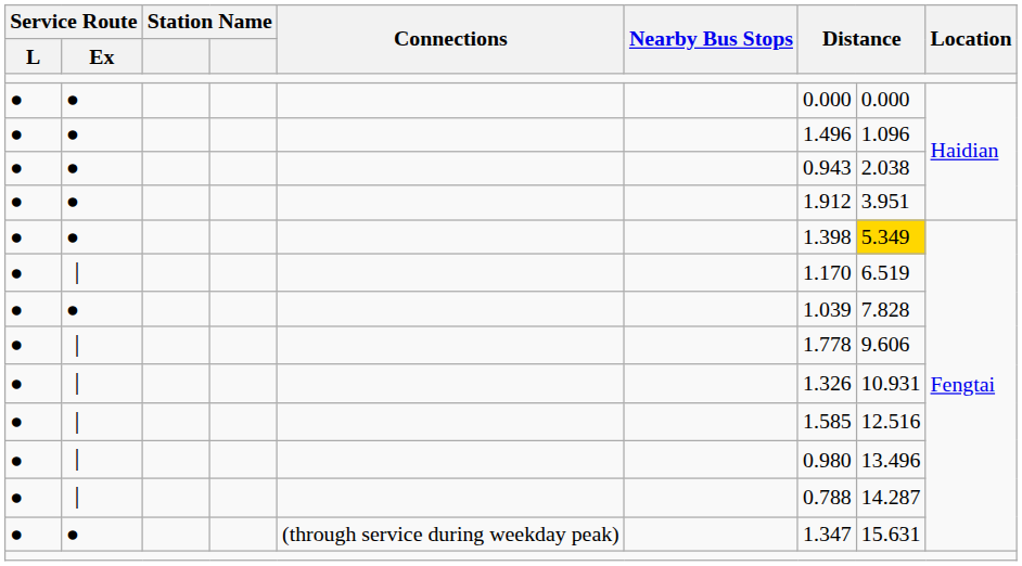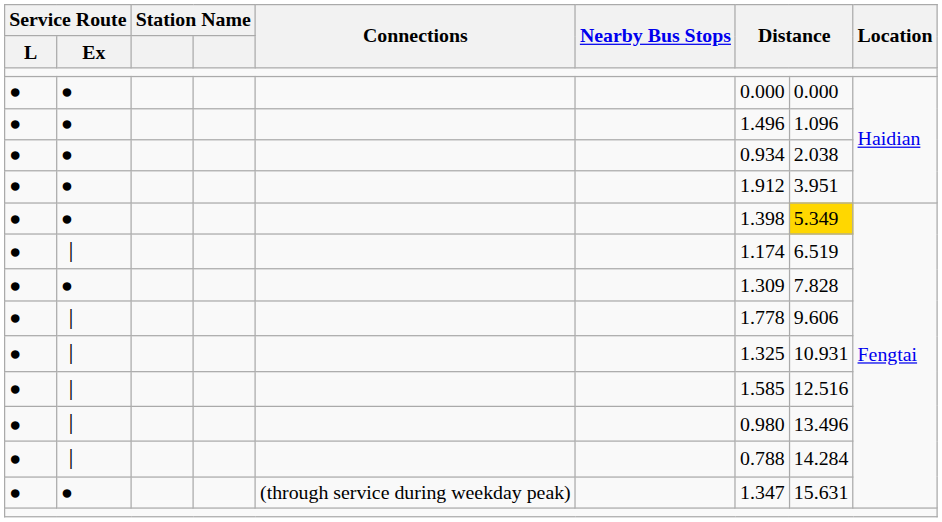 <table class="wikitable">
 <tr>
 <th colspan="2">Service Route</th>
 <th colspan="2">Station Name</th>
 <th rowspan="2">Connections</th>
 <th rowspan="2"><a href='#'>Nearby Bus Stops</a></th>
 <th colspan="2" rowspan="2">Distance<br></th>
 <th rowspan="2">Location</th>
 </tr>
 <tr>
 <th>L</th>
 <th>Ex</th>
 <th></th>
 <th></th>
 </tr>
 <tr style="background:#">
 <td colspan="9"></td>
 </tr>
 <tr>
 <td>●</td>
 <td>●</td>
 <td></td>
 <td></td>
 <td> </td>
 <td></td>
 <td>0.000</td>
 <td>0.000</td>
 <td rowspan="4"><a href='#'>Haidian</a></td>
 </tr>
 <tr>
 <td>●</td>
 <td>●</td>
 <td></td>
 <td></td>
 <td></td>
 <td></td>
 <td>1.496</td>
 <td>1.096</td>
 </tr>
 <tr>
 <td>●</td>
 <td>●</td>
 <td></td>
 <td></td>
 <td></td>
 <td></td>
-<td>0.943</td>
+<td>0.934</td>
 <td>2.038</td>
 </tr>
 <tr>
 <td>●</td>
 <td>●</td>
 <td></td>
 <td></td>
 <td></td>
 <td></td>
 <td>1.912</td>
 <td>3.951</td>
 </tr>
 <tr>
 <td>●</td>
 <td>●</td>
 <td></td>
 <td></td>
 <td>   </td>
 <td></td>
 <td>1.398</td>
 <td style="background: gold;">5.349</td>
 <td rowspan="9"><a href='#'>Fengtai</a></td>
 </tr>
 <tr>
 <td>●</td>
 <td>｜</td>
 <td></td>
 <td></td>
 <td></td>
 <td></td>
-<td>1.170</td>
+<td>1.174</td>
 <td>6.519</td>
 </tr>
 <tr>
 <td>●</td>
 <td>●</td>
 <td></td>
 <td></td>
 <td></td>
 <td></td>
-<td>1.039</td>
+<td>1.309</td>
 <td>7.828</td>
 </tr>
 <tr>
 <td>●</td>
 <td>｜</td>
 <td></td>
 <td></td>
 <td></td>
 <td></td>
 <td>1.778</td>
 <td>9.606</td>
 </tr>
 <tr>
 <td>●</td>
 <td>｜</td>
 <td></td>
 <td></td>
 <td></td>
 <td></td>
-<td>1.326</td>
+<td>1.325</td>
 <td>10.931</td>
 </tr>
 <tr>
 <td>●</td>
 <td>｜</td>
 <td></td>
 <td></td>
 <td></td>
 <td></td>
 <td>1.585</td>
 <td>12.516</td>
 </tr>
 <tr>
 <td>●</td>
 <td>｜</td>
 <td></td>
 <td></td>
 <td></td>
 <td></td>
 <td>0.980</td>
 <td>13.496</td>
 </tr>
 <tr>
 <td>●</td>
 <td>｜</td>
 <td></td>
 <td></td>
 <td></td>
 <td></td>
 <td>0.788</td>
-<td>14.287</td>
+<td>14.284</td>
 </tr>
 <tr>
 <td>●</td>
 <td>●</td>
 <td></td>
 <td></td>
 <td> (through service during weekday peak)</td>
 <td></td>
 <td>1.347</td>
 <td>15.631</td>
 </tr>
 <tr style="background:#">
 <td colspan="9"></td>
 </tr>
 </table>
